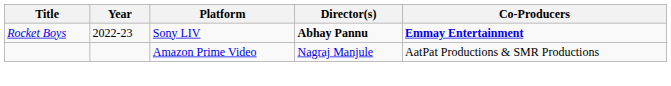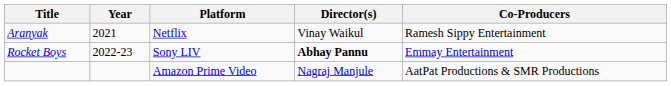 <table class="wikitable" style="width: 100%;">
 <tr>
 <th>Title</th>
 <th>Year</th>
 <th>Platform</th>
 <th>Director(s)</th>
 <th>Co-Producers</th>
 </tr>
 <tr>
+<td><a href='#'><em>Aranyak</em></a></td>
+<td>2021</td>
+<td><a href='#'>Netflix</a></td>
+<td>Vinay Waikul</td>
+<td>Ramesh Sippy Entertainment</td>
+</tr>
+<tr>
 <td><a href='#'><em>Rocket Boys</em></a></td>
 <td>2022-23</td>
 <td><a href='#'>Sony LIV</a></td>
 <td><strong>Abhay Pannu</strong></td>
-<td><strong><a href='#'>Emmay Entertainment</a></strong></td>
+<td><a href='#'>Emmay Entertainment</a></td>
 </tr>
 <tr>
 <td></td>
 <td></td>
 <td><a href='#'>Amazon Prime Video</a></td>
 <td><a href='#'>Nagraj Manjule</a></td>
 <td>AatPat Productions & SMR Productions</td>
 </tr>
 </table>
